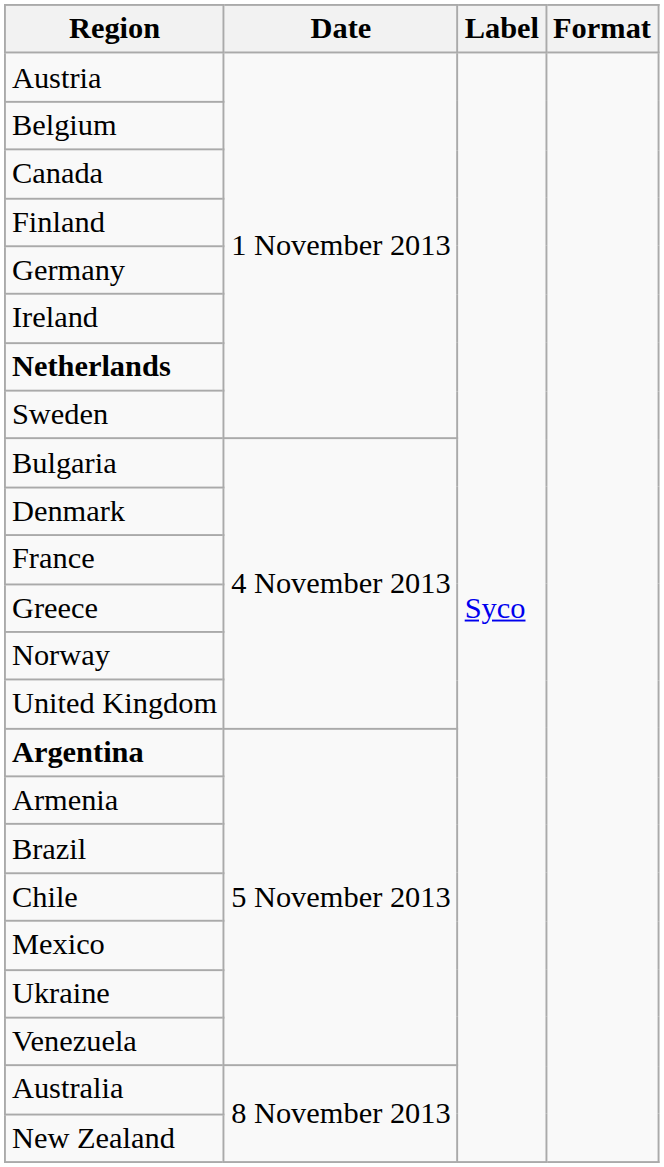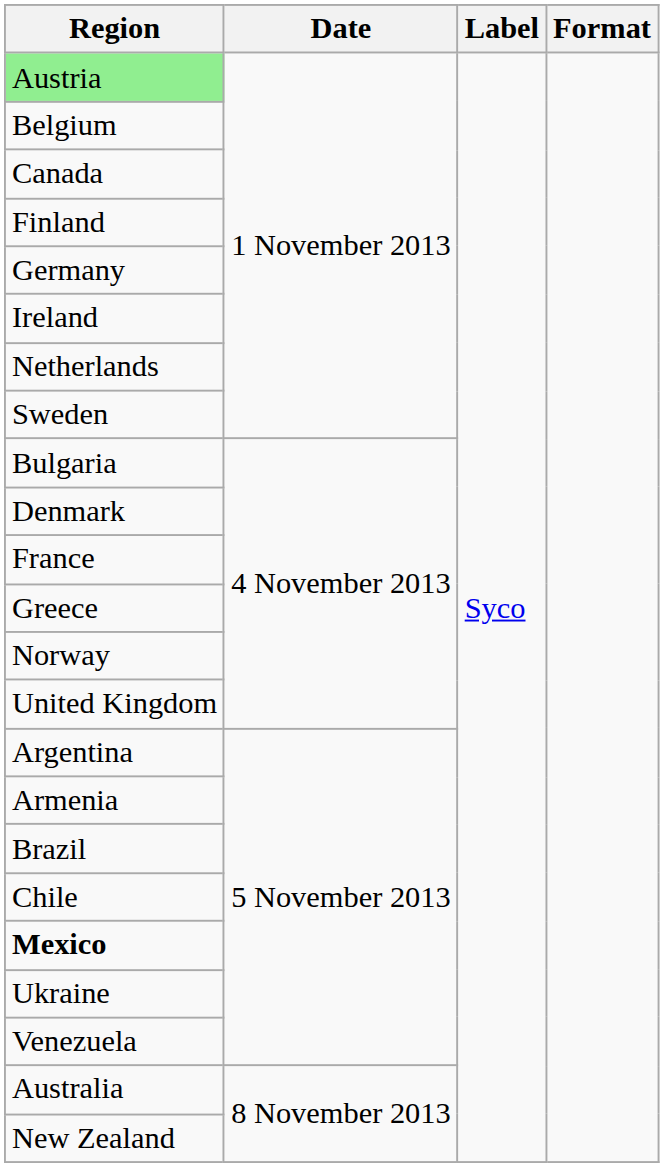 <table class=wikitable>
 <tr>
 <th>Region</th>
 <th>Date</th>
 <th>Label</th>
 <th>Format</th>
 </tr>
 <tr>
-<td>Austria</td>
+<td style="background: lightgreen;">Austria</td>
 <td rowspan="8">1 November 2013</td>
 <td rowspan="23"><a href='#'>Syco</a></td>
 <td rowspan="23"></td>
 </tr>
 <tr>
 <td>Belgium</td>
 </tr>
 <tr>
 <td>Canada</td>
 </tr>
 <tr>
 <td>Finland</td>
 </tr>
 <tr>
 <td>Germany</td>
 </tr>
 <tr>
 <td>Ireland</td>
 </tr>
 <tr>
-<td><strong>Netherlands</strong></td>
+<td>Netherlands</td>
 </tr>
 <tr>
 <td>Sweden</td>
 </tr>
 <tr>
 <td>Bulgaria</td>
 <td rowspan="6">4 November 2013</td>
 </tr>
 <tr>
 <td>Denmark</td>
 </tr>
 <tr>
 <td>France</td>
 </tr>
 <tr>
 <td>Greece</td>
 </tr>
 <tr>
 <td>Norway</td>
 </tr>
 <tr>
 <td>United Kingdom</td>
 </tr>
 <tr>
-<td><strong>Argentina</strong></td>
+<td>Argentina</td>
 <td rowspan="7">5 November 2013</td>
 </tr>
 <tr>
 <td>Armenia</td>
 </tr>
 <tr>
 <td>Brazil</td>
 </tr>
 <tr>
 <td>Chile</td>
 </tr>
 <tr>
-<td>Mexico</td>
+<td><strong>Mexico</strong></td>
 </tr>
 <tr>
 <td>Ukraine</td>
 </tr>
 <tr>
 <td>Venezuela</td>
 </tr>
 <tr>
 <td>Australia</td>
 <td rowspan="2">8 November 2013</td>
 </tr>
 <tr>
 <td>New Zealand</td>
 </tr>
 </table>
